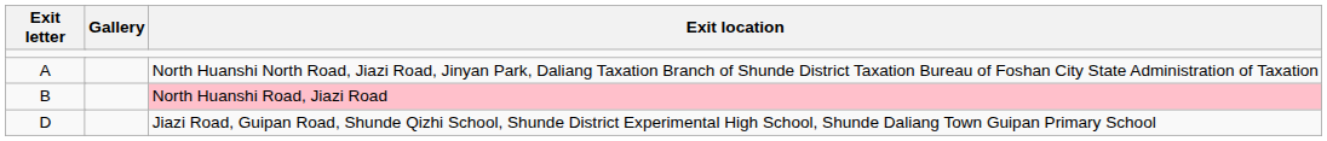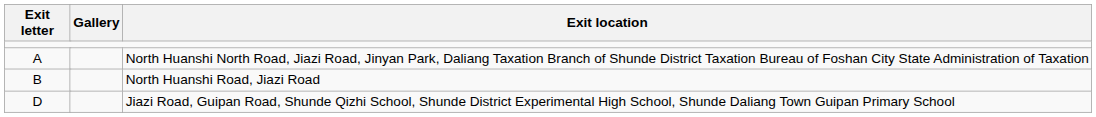 <table class="wikitable">
 <tr>
 <th colspan=2 style="width:70px">Exit letter</th>
 <th>Gallery</th>
 <th>Exit location</th>
 </tr>
 <tr style="background:#">
 <td colspan="4"></td>
 </tr>
 <tr>
 <td colspan=2 align=center>A</td>
 <td></td>
 <td>North Huanshi North Road, Jiazi Road, Jinyan Park, Daliang Taxation Branch of Shunde District Taxation Bureau of Foshan City State Administration of Taxation</td>
 </tr>
 <tr>
 <td colspan=2 align=center>B</td>
 <td></td>
-<td style="background: pink;">North Huanshi Road, Jiazi Road</td>
+<td>North Huanshi Road, Jiazi Road</td>
 </tr>
 <tr>
 <td colspan=2 align=center>D</td>
 <td></td>
 <td>Jiazi Road, Guipan Road, Shunde Qizhi School, Shunde District Experimental High School, Shunde Daliang Town Guipan Primary School</td>
 </tr>
 </table>
